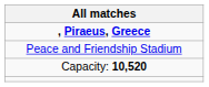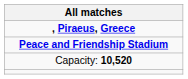 <table class=wikitable style=text-align:center width=280>
 <tr>
 <th>All matches</th>
 </tr>
 <tr>
 <td> <strong>, <a href='#'>Piraeus</a>, <a href='#'>Greece</a></strong></td>
 </tr>
 <tr>
-<td><a href='#'>Peace and Friendship Stadium</a></td>
+<td><strong><a href='#'>Peace and Friendship Stadium</a></strong></td>
 </tr>
 <tr>
 <td>Capacity: <strong>10,520</strong></td>
 </tr>
 <tr>
 <td></td>
 </tr>
 </table>
